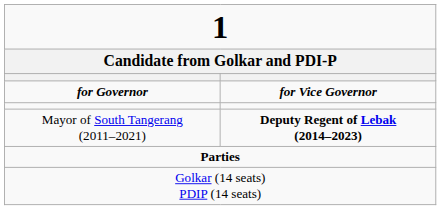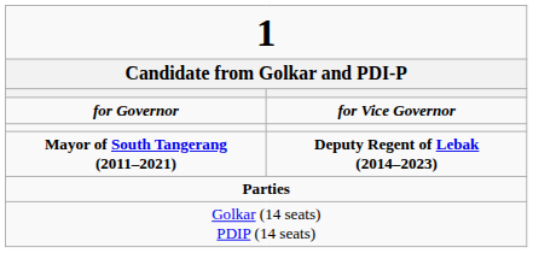 <table class=wikitable style="font-size:90%; text-align:center;">
 <tr>
 <td colspan=2><big><big><big><big><big><strong>1</strong></big></big></big></big></big></td>
 </tr>
 <tr>
 <th colspan=2><big>Candidate from Golkar and PDI-P</big></th>
 </tr>
 <tr>
 <th style="font-size:135%; color:black; background:#"><a href='#'></a></th>
 <th style="font-size:135%; color:black; background:#"><a href='#'></a></th>
 </tr>
 <tr style="color:#000; font-size:100%; background:#">
 <td style="width:3em; width:200px;"><strong><em>for Governor</em></strong></td>
 <td style="width:3em; width:200px;"><strong><em>for Vice Governor</em></strong></td>
 </tr>
 <tr>
 <td></td>
 <td></td>
 </tr>
 <tr>
-<td style=width:16em>Mayor of <a href='#'>South Tangerang</a><br>(2011–2021)</td>
+<td style=width:16em><strong>Mayor of <a href='#'>South Tangerang</a><br>(2011–2021)</strong></td>
 <td style=width:16em><strong>Deputy Regent of <a href='#'>Lebak</a><br>(2014–2023)</strong></td>
 </tr>
 <tr>
 <td colspan=2><strong>Parties</strong></td>
 </tr>
 <tr>
 <td colspan=2> <a href='#'>Golkar</a> (14 seats)<br><a href='#'>PDIP</a> (14 seats)</td>
 </tr>
 </table>
